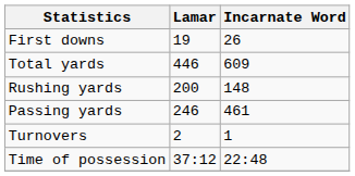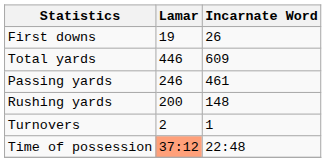 <table class="wikitable" style="float: left;">
 <tr>
 <th>Statistics</th>
 <th><strong>Lamar</strong></th>
 <th><strong>Incarnate Word</strong></th>
 </tr>
 <tr>
 <td>First downs</td>
 <td>19</td>
 <td>26</td>
 </tr>
 <tr>
 <td>Total yards</td>
 <td>446</td>
 <td>609</td>
 </tr>
 <tr>
+<td>Passing yards</td>
+<td>246</td>
+<td>461</td>
+</tr>
+<tr>
 <td>Rushing yards</td>
 <td>200</td>
 <td>148</td>
-</tr>
-<tr>
-<td>Passing yards</td>
-<td>246</td>
-<td>461</td>
 </tr>
 <tr>
 <td>Turnovers</td>
 <td>2</td>
 <td>1</td>
 </tr>
 <tr>
 <td>Time of possession</td>
-<td>37:12</td>
+<td style="background: lightsalmon;">37:12</td>
 <td>22:48</td>
 </tr>
 <tr>
 </tr>
 </table>
